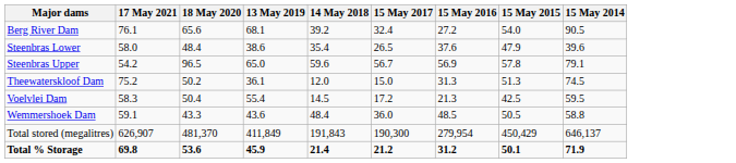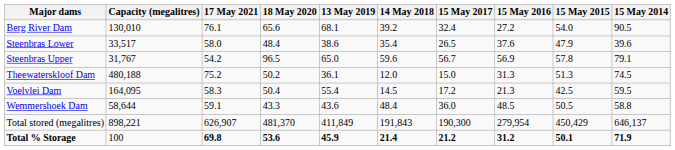 <table class="wikitable" align="cellpadding=">
 <tr>
 <th>Major dams</th>
+<th>Capacity (megalitres)</th>
 <th>17 May 2021</th>
 <th>18 May 2020</th>
 <th>13 May 2019</th>
 <th>14 May 2018</th>
 <th>15 May 2017</th>
 <th>15 May 2016</th>
 <th>15 May 2015</th>
 <th>15 May 2014</th>
 </tr>
 <tr>
 <td><a href='#'>Berg River Dam</a></td>
+<td>130,010</td>
 <td>76.1</td>
 <td>65.6</td>
 <td>68.1</td>
 <td>39.2</td>
 <td>32.4</td>
 <td>27.2</td>
 <td>54.0</td>
 <td>90.5</td>
 </tr>
 <tr>
 <td><a href='#'>Steenbras Lower</a></td>
+<td>33,517</td>
 <td>58.0</td>
 <td>48.4</td>
 <td>38.6</td>
 <td>35.4</td>
 <td>26.5</td>
 <td>37.6</td>
 <td>47.9</td>
 <td>39.6</td>
 </tr>
 <tr>
 <td><a href='#'>Steenbras Upper</a></td>
+<td>31,767</td>
 <td>54.2</td>
 <td>96.5</td>
 <td>65.0</td>
 <td>59.6</td>
 <td>56.7</td>
 <td>56.9</td>
 <td>57.8</td>
 <td>79.1</td>
 </tr>
 <tr>
 <td><a href='#'>Theewaterskloof Dam</a></td>
+<td>480,188</td>
 <td>75.2</td>
 <td>50.2</td>
 <td>36.1</td>
 <td>12.0</td>
 <td>15.0</td>
 <td>31.3</td>
 <td>51.3</td>
 <td>74.5</td>
 </tr>
 <tr>
 <td><a href='#'>Voelvlei Dam</a></td>
+<td>164,095</td>
 <td>58.3</td>
 <td>50.4</td>
 <td>55.4</td>
 <td>14.5</td>
 <td>17.2</td>
 <td>21.3</td>
 <td>42.5</td>
 <td>59.5</td>
 </tr>
 <tr>
 <td><a href='#'>Wemmershoek Dam</a></td>
+<td>58,644</td>
 <td>59.1</td>
 <td>43.3</td>
 <td>43.6</td>
 <td>48.4</td>
 <td>36.0</td>
 <td>48.5</td>
 <td>50.5</td>
 <td>58.8</td>
 </tr>
 <tr>
 <td>Total stored (megalitres)</td>
+<td>898,221</td>
 <td>626,907</td>
 <td>481,370</td>
 <td>411,849</td>
 <td>191,843</td>
 <td>190,300</td>
 <td>279,954</td>
 <td>450,429</td>
 <td>646,137</td>
 </tr>
 <tr>
 <td><strong>Total % Storage</strong></td>
+<td>100</td>
 <td><strong>69.8</strong></td>
 <td><strong>53.6</strong></td>
 <td><strong>45.9</strong></td>
 <td><strong>21.4</strong></td>
 <td><strong>21.2</strong></td>
 <td><strong>31.2</strong></td>
 <td><strong>50.1</strong></td>
 <td><strong>71.9</strong></td>
 </tr>
 </table>
